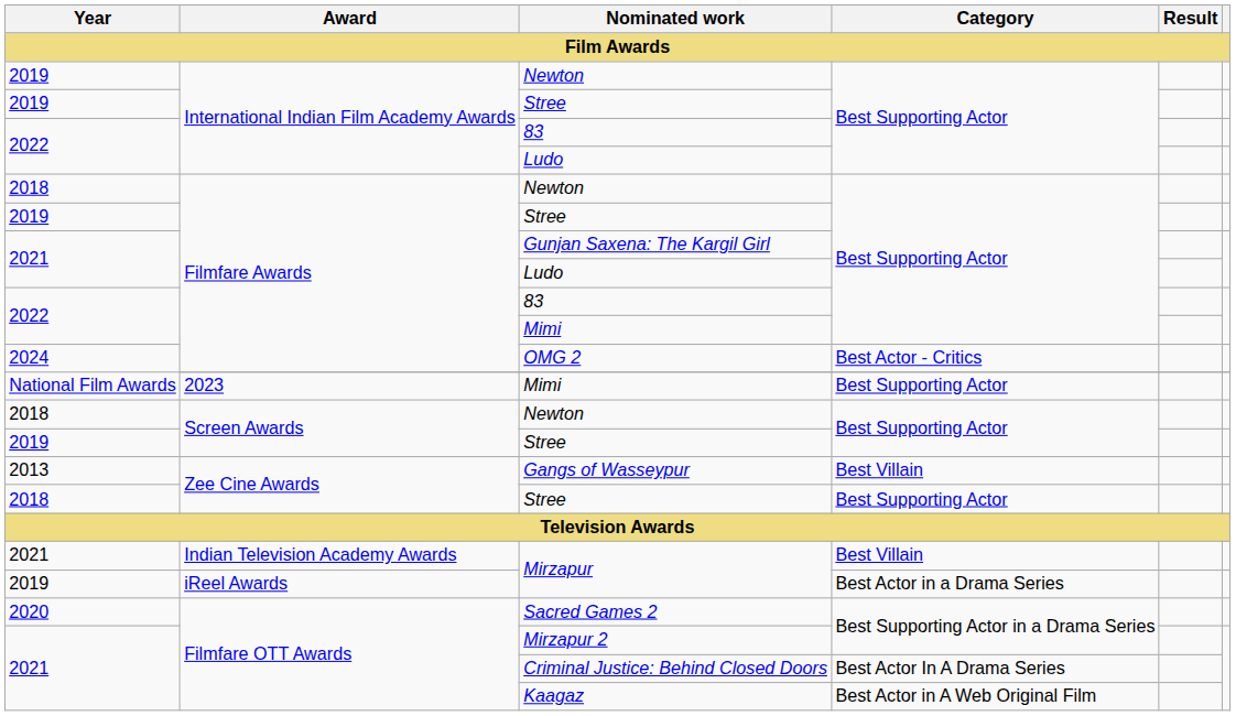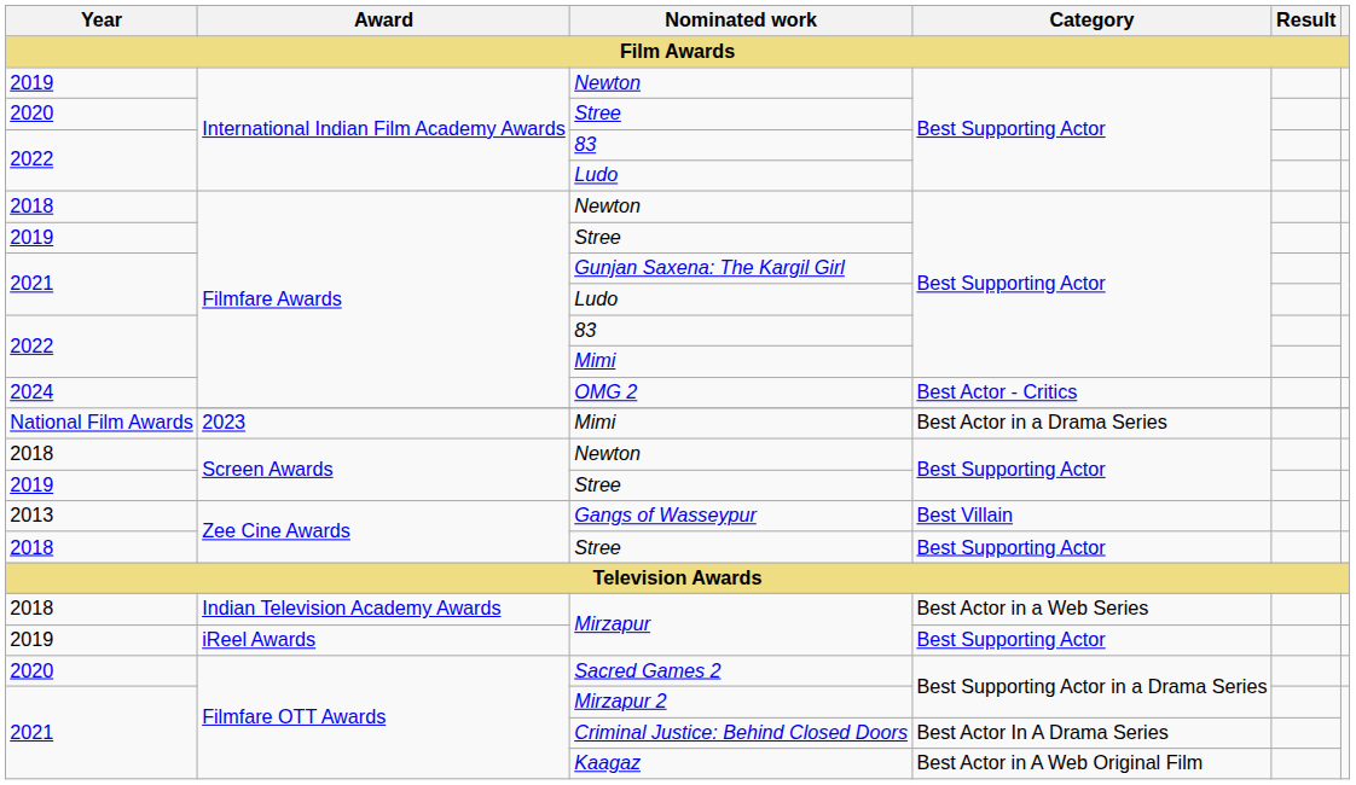 <table class="wikitable sortable plainrowheaders">
 <tr>
 <th>Year</th>
 <th>Award </th>
 <th>Nominated work</th>
 <th>Category</th>
 <th>Result</th>
 <th scope="col" class="unsortable"></th>
 </tr>
 <tr>
 <th colspan="6" style="background: #eedd82;">Film Awards</th>
 </tr>
 <tr>
 <td><a href='#'>2019</a></td>
 <td rowspan="4"><a href='#'>International Indian Film Academy Awards</a></td>
 <td><em><a href='#'>Newton</a></em></td>
 <td rowspan="4"><a href='#'>Best Supporting Actor</a></td>
 <td></td>
 <td></td>
 </tr>
 <tr>
-<td><a href='#'>2019</a></td>
+<td><a href='#'>2020</a></td>
 <td><em><a href='#'>Stree</a></em></td>
 <td></td>
 <td></td>
 </tr>
 <tr>
 <td rowspan="2"><a href='#'>2022</a></td>
 <td><em><a href='#'>83</a></em></td>
 <td></td>
 <td></td>
 </tr>
 <tr>
 <td><em><a href='#'>Ludo</a></em></td>
 <td></td>
 <td></td>
 </tr>
 <tr>
 <td><a href='#'>2018</a></td>
 <td rowspan="7"><a href='#'>Filmfare Awards</a></td>
 <td><em>Newton</em></td>
 <td rowspan="6"><a href='#'>Best Supporting Actor</a></td>
 <td></td>
 <td></td>
 </tr>
 <tr>
 <td><a href='#'>2019</a></td>
 <td><em>Stree</em></td>
 <td></td>
 <td></td>
 </tr>
 <tr>
 <td rowspan="2"><a href='#'>2021</a></td>
 <td><em><a href='#'>Gunjan Saxena: The Kargil Girl</a></em></td>
 <td></td>
 <td rowspan="2"></td>
 </tr>
 <tr>
 <td><em>Ludo</em></td>
 <td></td>
 </tr>
 <tr>
 <td rowspan="2"><a href='#'>2022</a></td>
 <td><em>83</em></td>
 <td></td>
 <td rowspan="2"></td>
 </tr>
 <tr>
 <td><em><a href='#'>Mimi</a></em></td>
 <td></td>
 </tr>
 <tr>
 <td><a href='#'>2024</a></td>
 <td><em><a href='#'>OMG 2</a></em></td>
 <td><a href='#'>Best Actor - Critics</a></td>
 <td></td>
 <td></td>
 </tr>
 <tr>
 <td rowspan="2"><a href='#'>National Film Awards</a></td>
 </tr>
 <tr>
 <td><a href='#'>2023</a></td>
 <td><em>Mimi</em></td>
-<td><a href='#'>Best Supporting Actor</a></td>
+<td>Best Actor in a Drama Series</td>
 <td></td>
 <td></td>
 </tr>
 <tr>
 <td>2018</td>
 <td rowspan="2"><a href='#'>Screen Awards</a></td>
 <td><em>Newton</em></td>
 <td rowspan="2"><a href='#'>Best Supporting Actor</a></td>
 <td></td>
 <td></td>
 </tr>
 <tr>
 <td><a href='#'>2019</a></td>
 <td><em>Stree</em></td>
 <td></td>
 <td></td>
 </tr>
 <tr>
 <td>2013</td>
 <td rowspan="2"><a href='#'>Zee Cine Awards</a></td>
 <td><em><a href='#'>Gangs of Wasseypur</a></em></td>
 <td><a href='#'>Best Villain</a></td>
 <td></td>
 <td></td>
 </tr>
 <tr>
 <td><a href='#'>2018</a></td>
 <td><em>Stree</em></td>
 <td><a href='#'>Best Supporting Actor</a></td>
 <td></td>
 <td></td>
 </tr>
 <tr>
 <th colspan="6" style="background: #eedd82;">Television Awards</th>
 </tr>
 <tr>
-<td>2021</td>
+<td>2018</td>
 <td><a href='#'>Indian Television Academy Awards</a></td>
 <td rowspan="2"><em><a href='#'>Mirzapur</a></em></td>
-<td><a href='#'>Best Villain</a></td>
+<td>Best Actor in a Web Series</td>
 <td></td>
 <td></td>
 </tr>
 <tr>
 <td>2019</td>
 <td><a href='#'>iReel Awards</a></td>
-<td>Best Actor in a Drama Series</td>
+<td><a href='#'>Best Supporting Actor</a></td>
 <td></td>
 <td></td>
 </tr>
 <tr>
 <td><a href='#'>2020</a></td>
 <td rowspan="4"><a href='#'>Filmfare OTT Awards</a></td>
 <td><em><a href='#'>Sacred Games 2</a></em></td>
 <td rowspan="2'">Best Supporting Actor in a Drama Series</td>
 <td></td>
 <td></td>
 </tr>
 <tr>
 <td rowspan="3"><a href='#'>2021</a></td>
 <td><em><a href='#'>Mirzapur 2</a></em></td>
 <td></td>
 <td rowspan="3"></td>
 </tr>
 <tr>
 <td><em><a href='#'>Criminal Justice: Behind Closed Doors</a></em></td>
 <td>Best Actor In A Drama Series</td>
 <td></td>
 </tr>
 <tr>
 <td><em><a href='#'>Kaagaz</a></em></td>
 <td>Best Actor in A Web Original Film</td>
 <td></td>
 </tr>
 </table>
